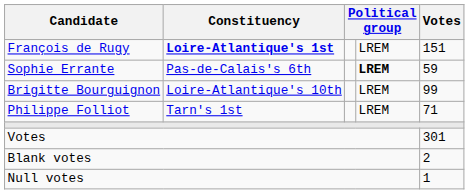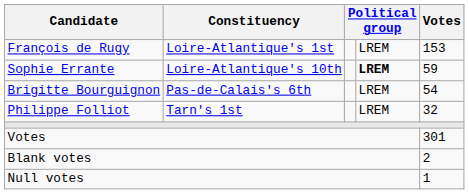 <table class="wikitable" style="font-size:95%;">
 <tr style="background-color:#E9E9E9;text-align:center;">
 <th>Candidate</th>
 <th>Constituency</th>
 <th colspan="2"><a href='#'>Political<br>group</a></th>
 <th>Votes</th>
 </tr>
 <tr>
 <td style="text-align:left;"><a href='#'>François de Rugy</a></td>
-<td style="text-align:left;"><strong><a href='#'>Loire-Atlantique's 1st</a></strong></td>
+<td style="text-align:left;"><a href='#'>Loire-Atlantique's 1st</a></td>
 <td style="background-color:"></td>
 <td>LREM</td>
-<td>151</td>
+<td>153</td>
 </tr>
 <tr>
 <td style="text-align:left;"><a href='#'>Sophie Errante</a></td>
-<td style="text-align:left;"><a href='#'>Pas-de-Calais's 6th</a></td>
+<td style="text-align:left;"><a href='#'>Loire-Atlantique's 10th</a></td>
 <td style="background-color:"></td>
 <td><strong>LREM</strong></td>
 <td>59</td>
 </tr>
 <tr>
 <td style="text-align:left;"><a href='#'>Brigitte Bourguignon</a></td>
-<td style="text-align:left;"><a href='#'>Loire-Atlantique's 10th</a></td>
+<td style="text-align:left;"><a href='#'>Pas-de-Calais's 6th</a></td>
 <td style="background-color:"></td>
 <td>LREM</td>
-<td>99</td>
+<td>54</td>
 </tr>
 <tr>
 <td style="text-align:left;"><a href='#'>Philippe Folliot</a></td>
 <td style="text-align:left;"><a href='#'>Tarn's 1st</a></td>
 <td style="background-color:"></td>
 <td>LREM</td>
-<td>71</td>
+<td>32</td>
 </tr>
 <tr>
 <td style="background-color:#E9E9E9;" colspan="6"></td>
 </tr>
 <tr>
 <td style="text-align:left;" colspan="4">Votes</td>
 <td>301</td>
 </tr>
 <tr>
 <td style="text-align:left;" colspan="4">Blank votes</td>
 <td>2</td>
 </tr>
 <tr>
 <td style="text-align:left;" colspan="4">Null votes</td>
 <td>1</td>
 </tr>
 </table>
